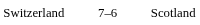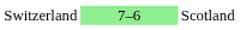 <table style="text-align:center">
 <tr>
 <th width=200></th>
 <th width=100></th>
 <th width=200></th>
 </tr>
 <tr>
 <td align=right>Switzerland </td>
-<td>7–6</td>
+<td style="background: lightgreen;">7–6</td>
 <td align=left> Scotland</td>
 </tr>
 </table>
